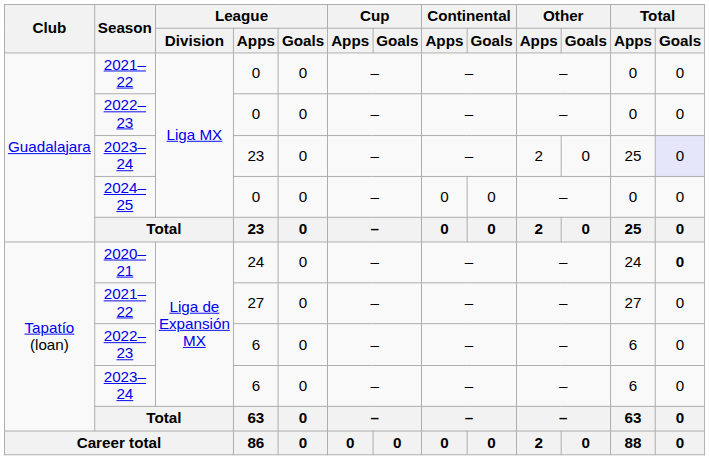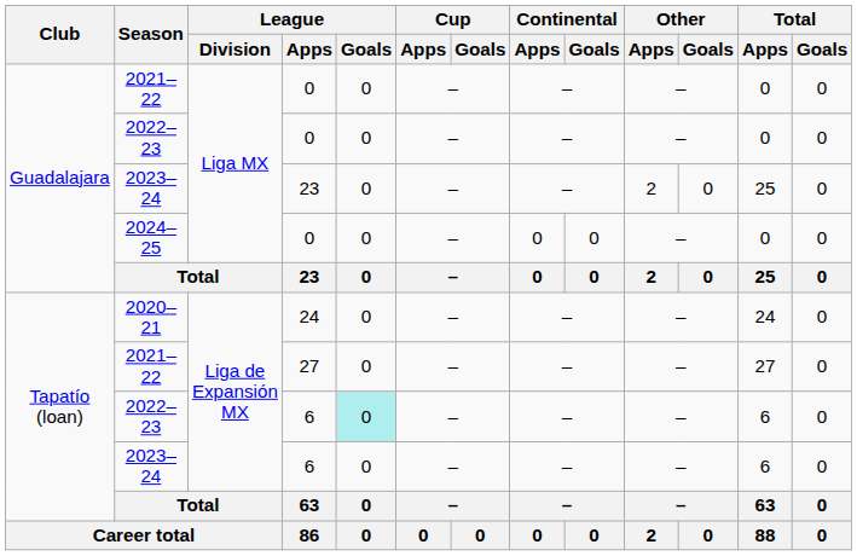 <table class="wikitable" style="text-align:center">
 <tr>
 <th rowspan="2">Club</th>
 <th rowspan="2">Season</th>
 <th colspan="3">League</th>
 <th colspan="2">Cup</th>
 <th colspan="2">Continental</th>
 <th colspan="2">Other</th>
 <th colspan="2">Total</th>
 </tr>
 <tr>
 <th>Division</th>
 <th>Apps</th>
 <th>Goals</th>
 <th>Apps</th>
 <th>Goals</th>
 <th>Apps</th>
 <th>Goals</th>
 <th>Apps</th>
 <th>Goals</th>
 <th>Apps</th>
 <th>Goals</th>
 </tr>
 <tr>
 <td rowspan="5"><a href='#'>Guadalajara</a></td>
 <td><a href='#'>2021–22</a></td>
 <td rowspan="4"><a href='#'>Liga MX</a></td>
 <td>0</td>
 <td>0</td>
 <td colspan=2>–</td>
 <td colspan=2>–</td>
 <td colspan=2>–</td>
 <td>0</td>
 <td>0</td>
 </tr>
 <tr>
 <td><a href='#'>2022–23</a></td>
 <td>0</td>
 <td>0</td>
 <td colspan=2>–</td>
 <td colspan=2>–</td>
 <td colspan=2>–</td>
 <td>0</td>
 <td>0</td>
 </tr>
 <tr>
 <td><a href='#'>2023–24</a></td>
 <td>23</td>
 <td>0</td>
 <td colspan=2>–</td>
 <td colspan=2>–</td>
 <td>2</td>
 <td>0</td>
 <td>25</td>
-<td style="background: lavender;">0</td>
+<td>0</td>
 </tr>
 <tr>
 <td><a href='#'>2024–25</a></td>
 <td>0</td>
 <td>0</td>
 <td colspan=2>–</td>
 <td>0</td>
 <td>0</td>
 <td colspan=2>–</td>
 <td>0</td>
 <td>0</td>
 </tr>
 <tr>
 <th colspan="2">Total</th>
 <th>23</th>
 <th>0</th>
 <th colspan=2>–</th>
 <th>0</th>
 <th>0</th>
 <th>2</th>
 <th>0</th>
 <th>25</th>
 <th>0</th>
 </tr>
 <tr>
 <td rowspan="5"><a href='#'>Tapatío</a> (loan)</td>
 <td><a href='#'>2020–21</a></td>
 <td rowspan="4"><a href='#'>Liga de Expansión MX</a></td>
 <td>24</td>
 <td>0</td>
 <td colspan=2>–</td>
 <td colspan=2>–</td>
 <td colspan=2>–</td>
 <td>24</td>
-<td><strong>0</strong></td>
+<td>0</td>
 </tr>
 <tr>
 <td><a href='#'>2021–22</a></td>
 <td>27</td>
 <td>0</td>
 <td colspan=2>–</td>
 <td colspan=2>–</td>
 <td colspan=2>–</td>
 <td>27</td>
 <td>0</td>
 </tr>
 <tr>
 <td><a href='#'>2022–23</a></td>
 <td>6</td>
-<td>0</td>
+<td style="background: paleturquoise;">0</td>
 <td colspan=2>–</td>
 <td colspan=2>–</td>
 <td colspan=2>–</td>
 <td>6</td>
 <td>0</td>
 </tr>
 <tr>
 <td><a href='#'>2023–24</a></td>
 <td>6</td>
 <td>0</td>
 <td colspan=2>–</td>
 <td colspan=2>–</td>
 <td colspan=2>–</td>
 <td>6</td>
 <td>0</td>
 </tr>
 <tr>
 <th colspan="2">Total</th>
 <th>63</th>
 <th>0</th>
 <th colspan=2>–</th>
 <th colspan=2>–</th>
 <th colspan=2>–</th>
 <th>63</th>
 <th>0</th>
 </tr>
 <tr>
 <th colspan="3">Career total</th>
 <th>86</th>
 <th>0</th>
 <th>0</th>
 <th>0</th>
 <th>0</th>
 <th>0</th>
 <th>2</th>
 <th>0</th>
 <th>88</th>
 <th>0</th>
 </tr>
 </table>
